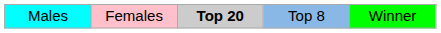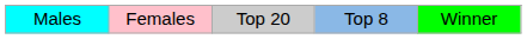 <table class="wikitable" style="margin:1em auto; text-align:center;">
 <tr>
 </tr>
 <tr>
 <td bgcolor="cyan" width="15%">Males</td>
 <td bgcolor="pink" width="15%">Females</td>
-<td bgcolor="CCCCCC" width="15%"><strong>Top 20</strong></td>
+<td bgcolor="CCCCCC" width="15%">Top 20</td>
 <td bgcolor="8AB8E6" width="15%">Top 8</td>
 <td bgcolor="lime" width="15%">Winner</td>
 </tr>
 </table>
